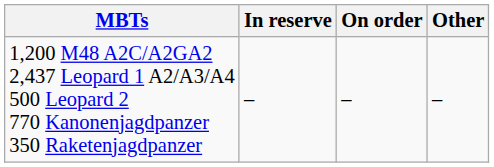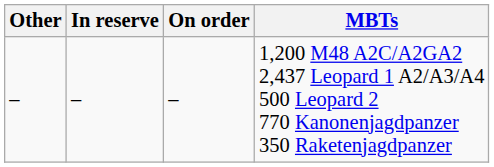 <table class="wikitable">
 <tr>
-<th><a href='#'>MBTs</a></th>
+<th>Other</th>
 <th>In reserve</th>
 <th>On order</th>
-<th>Other</th>
+<th><a href='#'>MBTs</a></th>
 </tr>
 <tr>
-<td>1,200 <a href='#'>M48 A2C/A2GA2</a><br>2,437 <a href='#'>Leopard 1</a> A2/A3/A4<br>500 <a href='#'>Leopard 2</a><br>770 <a href='#'>Kanonenjagdpanzer</a><br>350 <a href='#'>Raketenjagdpanzer</a></td>
 <td>–</td>
 <td>–</td>
 <td>–</td>
+<td>1,200 <a href='#'>M48 A2C/A2GA2</a><br>2,437 <a href='#'>Leopard 1</a> A2/A3/A4<br>500 <a href='#'>Leopard 2</a><br>770 <a href='#'>Kanonenjagdpanzer</a><br>350 <a href='#'>Raketenjagdpanzer</a></td>
 </tr>
 </table>
